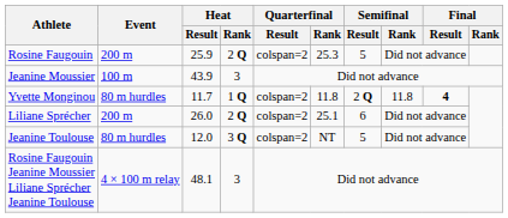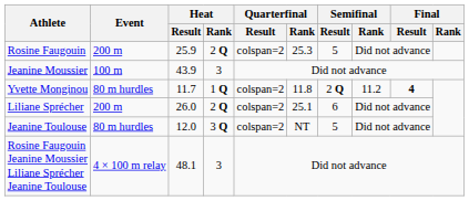 <table class="wikitable" style="font-size:90%">
 <tr>
 <th rowspan="2">Athlete</th>
 <th rowspan="2">Event</th>
 <th colspan="2">Heat</th>
 <th colspan="2">Quarterfinal</th>
 <th colspan="2">Semifinal</th>
 <th colspan="2">Final</th>
 </tr>
 <tr style="font-size:95%">
 <th>Result</th>
 <th>Rank</th>
 <th>Result</th>
 <th>Rank</th>
 <th>Result</th>
 <th>Rank</th>
 <th>Result</th>
 <th>Rank</th>
 </tr>
 <tr align=center>
 <td align=left><a href='#'>Rosine Faugouin</a></td>
 <td align=left><a href='#'>200 m</a></td>
 <td>25.9</td>
 <td>2 <strong>Q</strong></td>
 <td>colspan=2 </td>
 <td>25.3</td>
 <td>5</td>
 <td colspan=2>Did not advance</td>
 </tr>
 <tr align=center>
 <td align=left><a href='#'>Jeanine Moussier</a></td>
 <td align=left><a href='#'>100 m</a></td>
 <td>43.9</td>
 <td>3</td>
 <td colspan=6>Did not advance</td>
 </tr>
 <tr align=center>
 <td align=left><a href='#'>Yvette Monginou</a></td>
 <td align=left><a href='#'>80 m hurdles</a></td>
 <td>11.7</td>
 <td>1 <strong>Q</strong></td>
 <td>colspan=2 </td>
 <td>11.8</td>
 <td>2 <strong>Q</strong></td>
-<td>11.8</td>
+<td>11.2</td>
 <td><strong>4</strong></td>
 </tr>
 <tr align=center>
 <td align=left><a href='#'>Liliane Sprécher</a></td>
 <td align=left><a href='#'>200 m</a></td>
 <td>26.0</td>
 <td>2 <strong>Q</strong></td>
 <td>colspan=2 </td>
 <td>25.1</td>
 <td>6</td>
 <td colspan=2>Did not advance</td>
 </tr>
 <tr align=center>
 <td align=left><a href='#'>Jeanine Toulouse</a></td>
 <td align=left><a href='#'>80 m hurdles</a></td>
 <td>12.0</td>
 <td>3 <strong>Q</strong></td>
 <td>colspan=2 </td>
 <td>NT</td>
 <td>5</td>
 <td colspan=2>Did not advance</td>
 </tr>
 <tr align=center>
 <td align=left><a href='#'>Rosine Faugouin</a><br><a href='#'>Jeanine Moussier</a><br><a href='#'>Liliane Sprécher</a><br><a href='#'>Jeanine Toulouse</a></td>
 <td align=left><a href='#'>4 × 100 m relay</a></td>
 <td>48.1</td>
 <td>3</td>
 <td colspan=6>Did not advance</td>
 </tr>
 </table>
